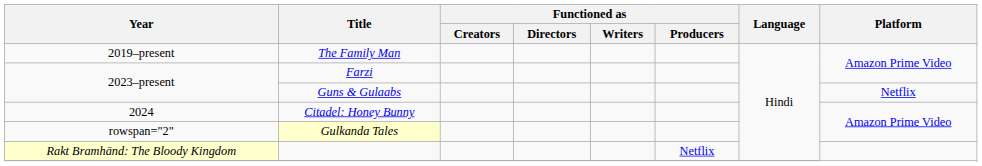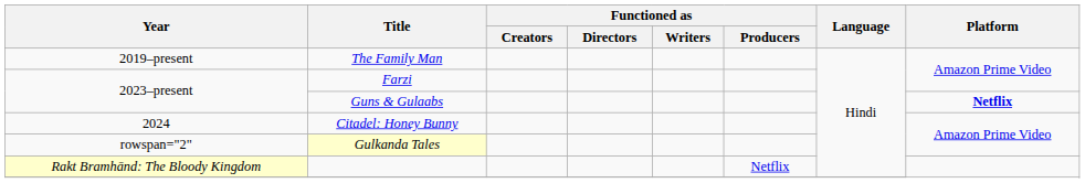 <table class="wikitable"; sortable" style="width: 100%; text-align: center;">
 <tr>
 <th rowspan="2">Year</th>
 <th rowspan="2">Title</th>
 <th colspan="4">Functioned as</th>
 <th rowspan="2">Language</th>
 <th rowspan="2">Platform</th>
 </tr>
 <tr>
 <th>Creators</th>
 <th>Directors</th>
 <th>Writers</th>
 <th>Producers</th>
 </tr>
 <tr>
 <td style="text-align:center;">2019–present</td>
 <td><em><a href='#'>The Family Man</a></em></td>
 <td></td>
 <td></td>
 <td></td>
 <td></td>
 <td rowspan="6">Hindi</td>
 <td rowspan="2"><a href='#'>Amazon Prime Video</a></td>
 </tr>
 <tr>
 <td style="text-align:center;" rowspan=2>2023–present</td>
 <td><em><a href='#'>Farzi</a></em></td>
 <td></td>
 <td></td>
 <td></td>
 <td></td>
 </tr>
 <tr>
 <td><em><a href='#'>Guns & Gulaabs</a></em></td>
 <td></td>
 <td></td>
 <td></td>
 <td></td>
-<td><a href='#'>Netflix</a></td>
+<td><strong><a href='#'>Netflix</a></strong></td>
 </tr>
 <tr>
 <td style="text-align:center;">2024</td>
 <td><em><a href='#'>Citadel: Honey Bunny</a></em></td>
 <td></td>
 <td></td>
 <td></td>
 <td></td>
 <td rowspan="2"><a href='#'>Amazon Prime Video</a></td>
 </tr>
 <tr>
 <td>rowspan="2"</td>
 <td style="background:#FFFFCC;"><em>Gulkanda Tales</em> </td>
 <td></td>
 <td></td>
 <td></td>
 <td></td>
 </tr>
 <tr>
 <td style="background:#FFFFCC;"><em>Rakt Bramhānd: The Bloody Kingdom</em></td>
 <td></td>
 <td></td>
 <td></td>
 <td></td>
 <td><a href='#'>Netflix</a></td>
 </tr>
 <tr>
 </tr>
 </table>
